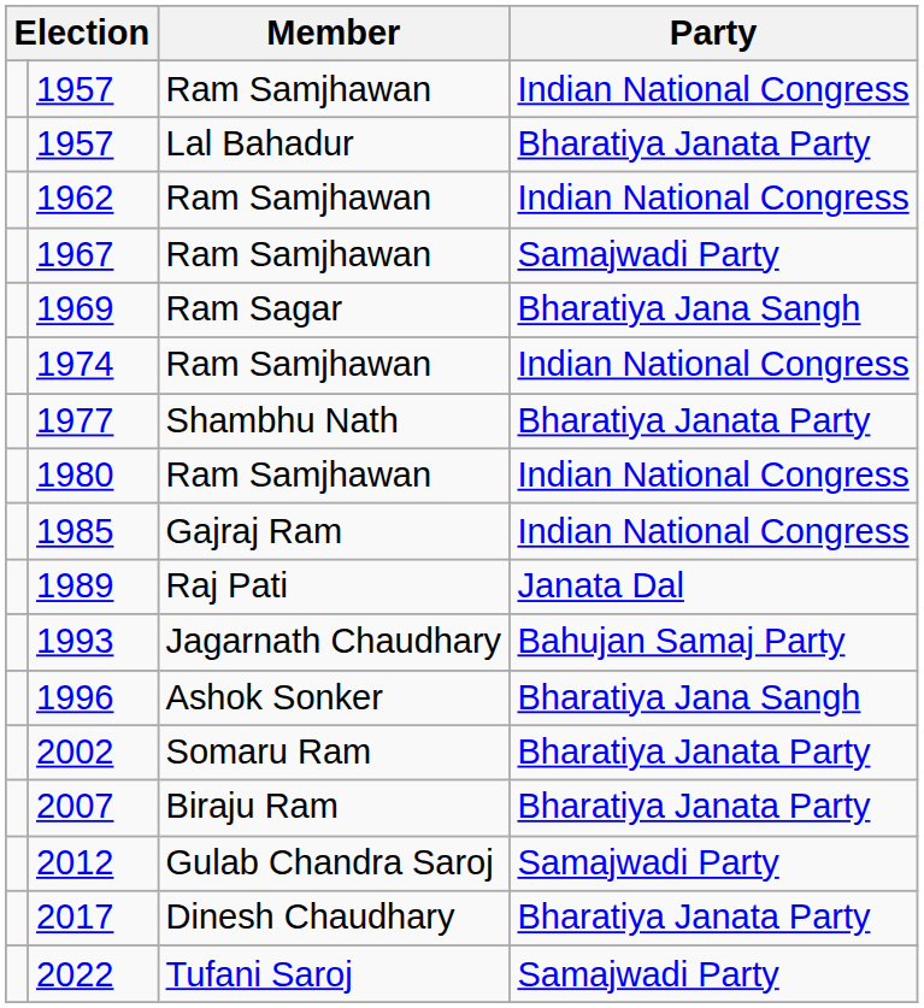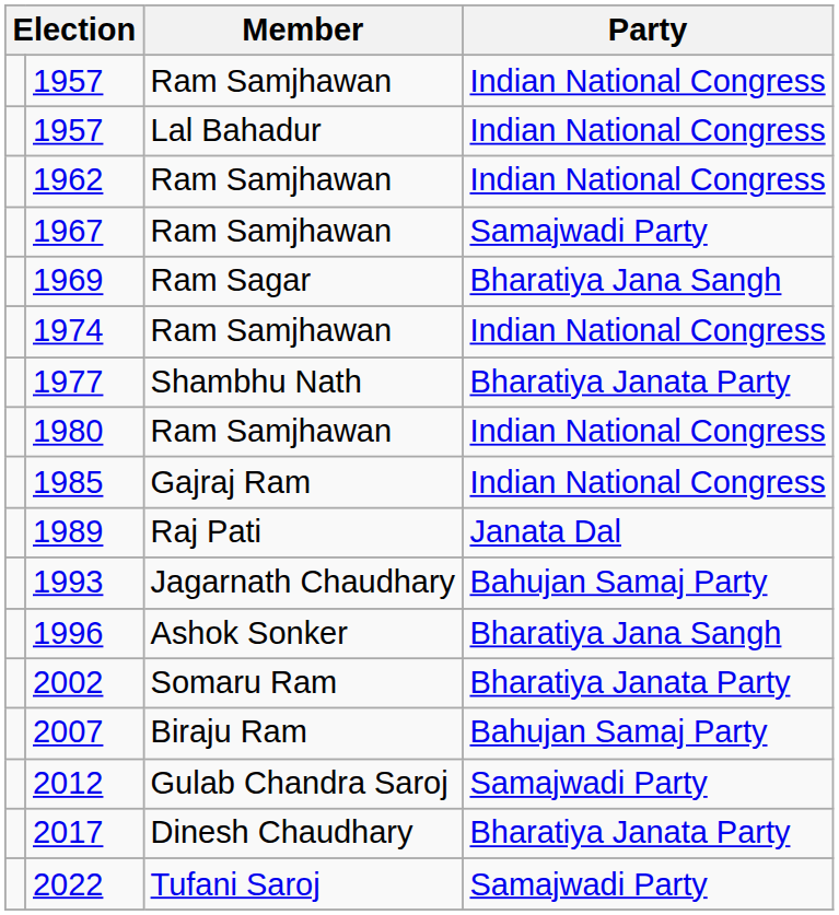 <table class="wikitable sortable">
 <tr>
 <th colspan="2">Election</th>
 <th>Member</th>
 <th>Party</th>
 </tr>
 <tr>
 <td style="background-color: "></td>
 <td><a href='#'>1957</a></td>
 <td>Ram Samjhawan</td>
 <td><a href='#'>Indian National Congress</a></td>
 </tr>
 <tr>
 <td style="background-color: "></td>
 <td><a href='#'>1957</a></td>
 <td>Lal Bahadur</td>
-<td><a href='#'>Bharatiya Janata Party</a></td>
+<td><a href='#'>Indian National Congress</a></td>
 </tr>
 <tr>
 <td style="background-color: "></td>
 <td><a href='#'>1962</a></td>
 <td>Ram Samjhawan</td>
 <td><a href='#'>Indian National Congress</a></td>
 </tr>
 <tr>
 <td style="background-color: "></td>
 <td><a href='#'>1967</a></td>
 <td>Ram Samjhawan</td>
 <td><a href='#'>Samajwadi Party</a></td>
 </tr>
 <tr>
 <td style="background-color:"></td>
 <td><a href='#'>1969</a></td>
 <td>Ram Sagar</td>
 <td><a href='#'>Bharatiya Jana Sangh</a></td>
 </tr>
 <tr>
 <td style="background-color: "></td>
 <td><a href='#'>1974</a></td>
 <td>Ram Samjhawan</td>
 <td><a href='#'>Indian National Congress</a></td>
 </tr>
 <tr>
 <td style="background-color: "></td>
 <td><a href='#'>1977</a></td>
 <td>Shambhu Nath</td>
 <td><a href='#'>Bharatiya Janata Party</a></td>
 </tr>
 <tr>
 <td style="background-color: "></td>
 <td><a href='#'>1980</a></td>
 <td>Ram Samjhawan</td>
 <td><a href='#'>Indian National Congress</a></td>
 </tr>
 <tr>
 <td style="background-color: "></td>
 <td><a href='#'>1985</a></td>
 <td>Gajraj Ram</td>
 <td><a href='#'>Indian National Congress</a></td>
 </tr>
 <tr>
 <td style="background-color: "></td>
 <td><a href='#'>1989</a></td>
 <td>Raj Pati</td>
 <td><a href='#'>Janata Dal</a></td>
 </tr>
 <tr>
 <td style="background-color: "></td>
 <td><a href='#'>1993</a></td>
 <td>Jagarnath Chaudhary</td>
 <td><a href='#'>Bahujan Samaj Party</a></td>
 </tr>
 <tr>
 <td style="background-color: "></td>
 <td><a href='#'>1996</a></td>
 <td>Ashok Sonker</td>
 <td><a href='#'>Bharatiya Jana Sangh</a></td>
 </tr>
 <tr>
 <td style="background-color: "></td>
 <td><a href='#'>2002</a></td>
 <td>Somaru Ram</td>
 <td><a href='#'>Bharatiya Janata Party</a></td>
 </tr>
 <tr>
 <td style="background-color: "></td>
 <td><a href='#'>2007</a></td>
 <td>Biraju Ram</td>
-<td><a href='#'>Bharatiya Janata Party</a></td>
+<td><a href='#'>Bahujan Samaj Party</a></td>
 </tr>
 <tr>
 <td style="background-color: "></td>
 <td><a href='#'>2012</a></td>
 <td>Gulab Chandra Saroj</td>
 <td><a href='#'>Samajwadi Party</a></td>
 </tr>
 <tr>
 <td style="background-color: "></td>
 <td><a href='#'>2017</a></td>
 <td>Dinesh Chaudhary</td>
 <td><a href='#'>Bharatiya Janata Party</a></td>
 </tr>
 <tr>
 <td style="background-color: "></td>
 <td><a href='#'>2022</a></td>
 <td><a href='#'>Tufani Saroj</a></td>
 <td><a href='#'>Samajwadi Party</a></td>
 </tr>
 </table>
